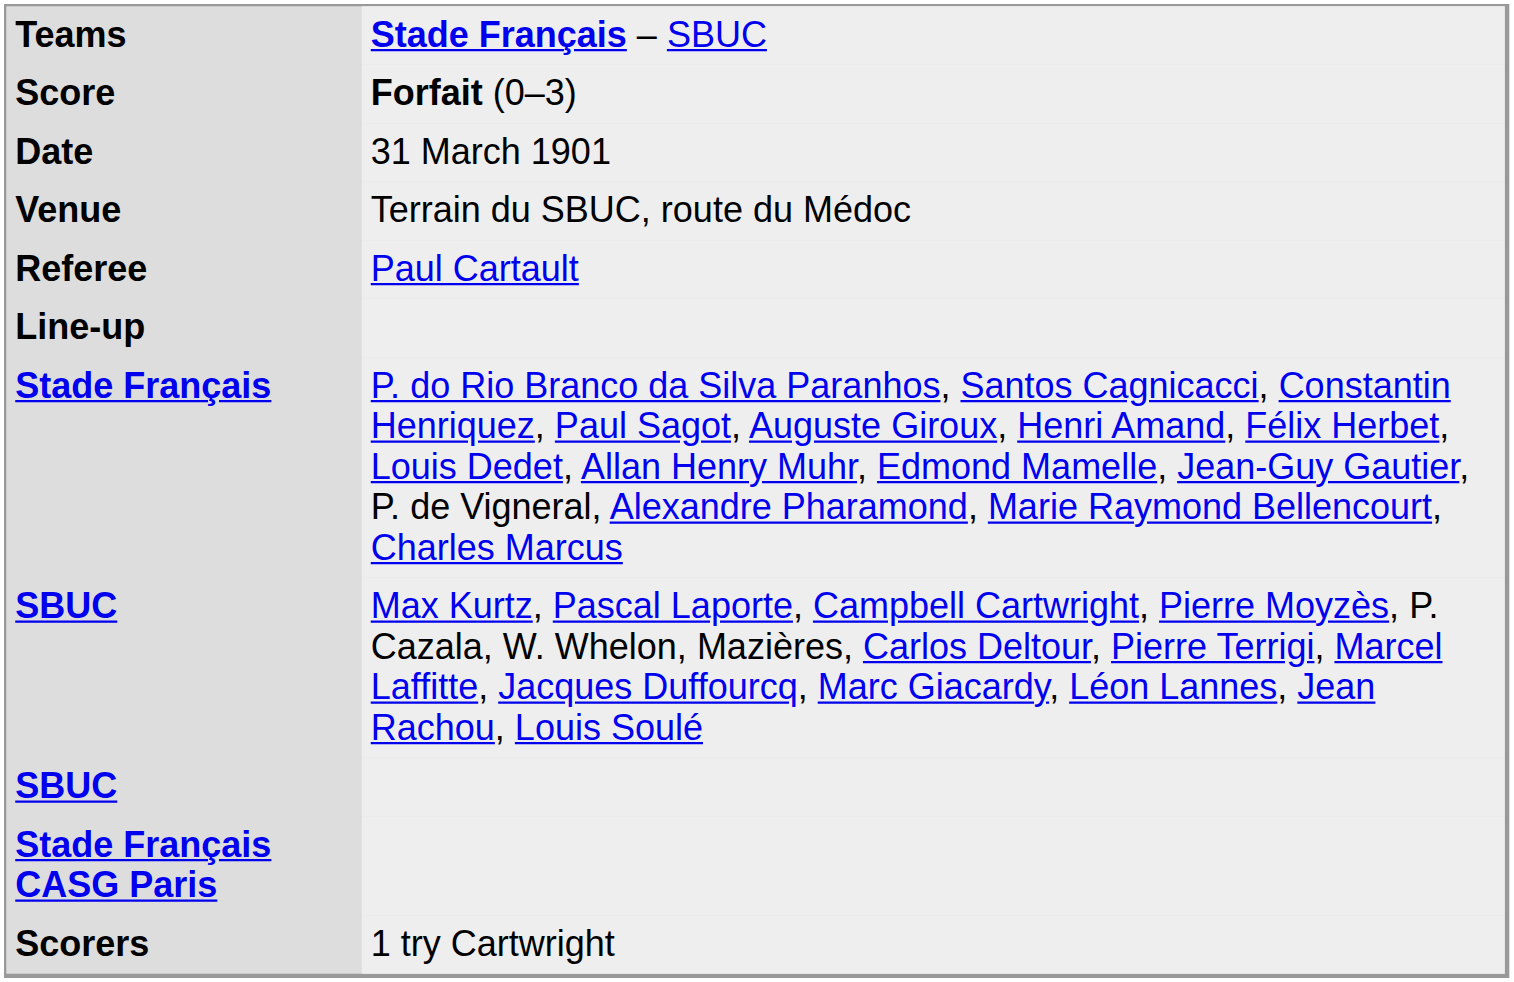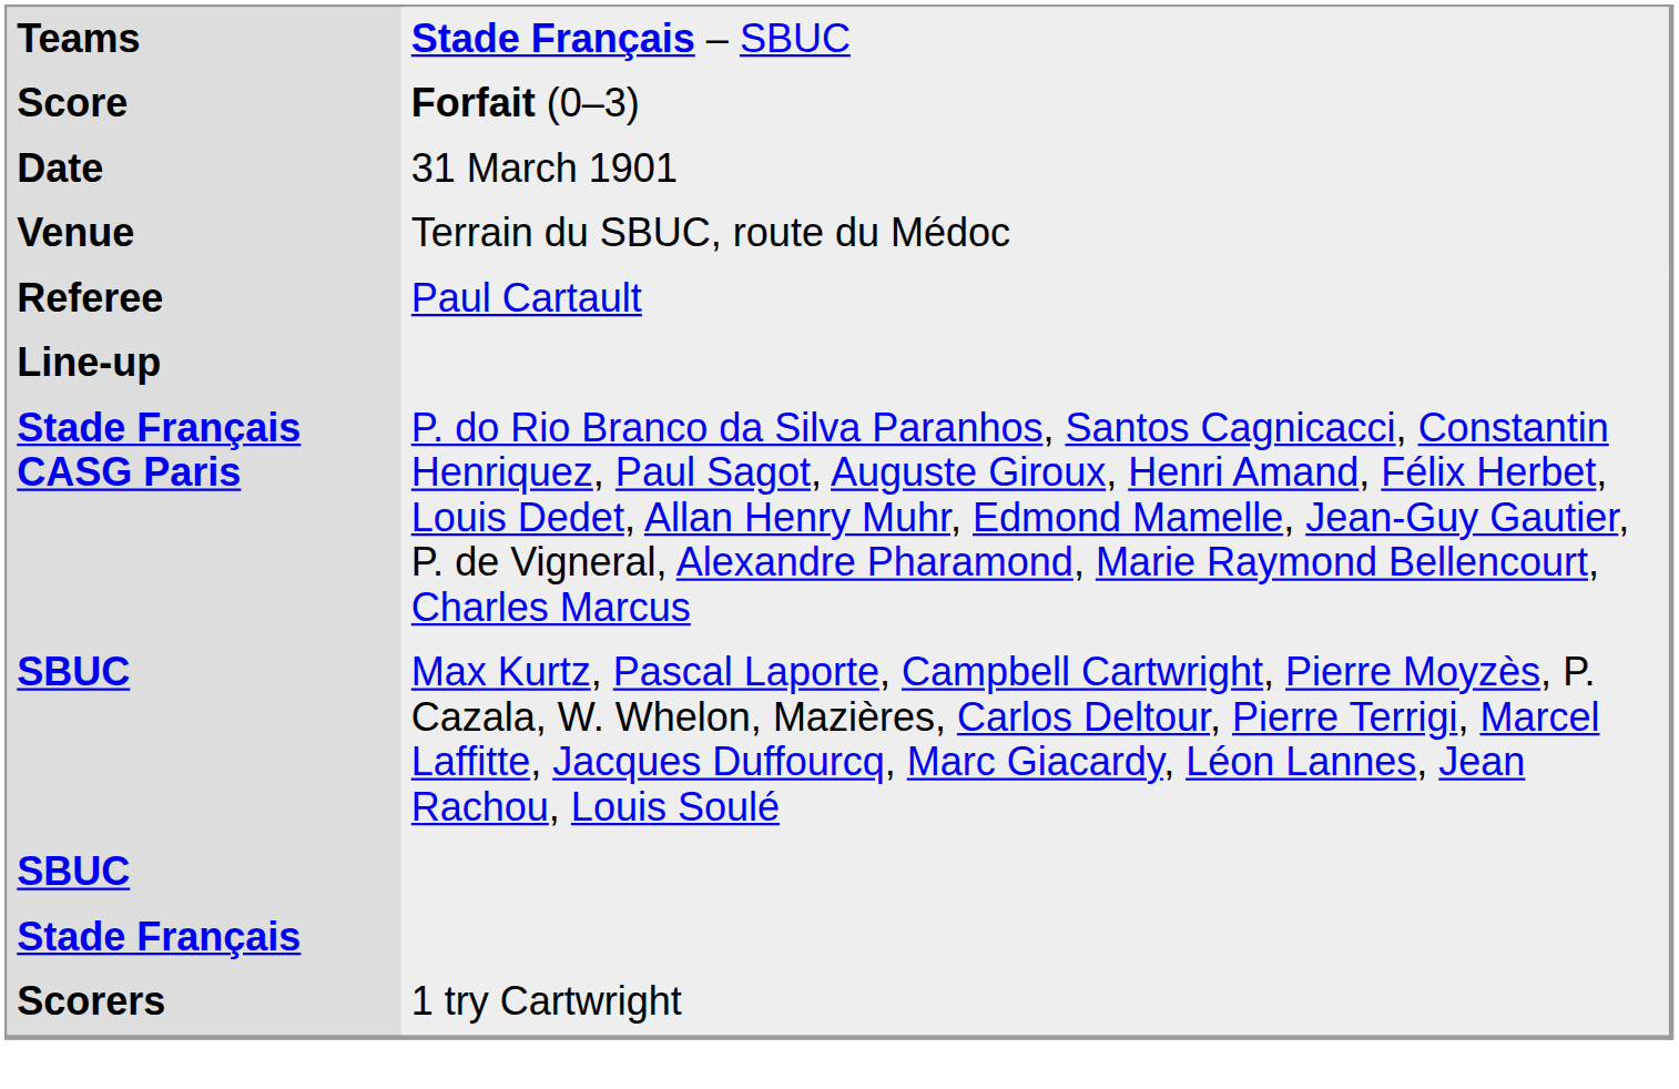 <table align="left" cellpadding="4" cellspacing="0"  style="margin: 0 0 0 0; border: 1px solid #999; border-right-width: 2px; border-bottom-width: 2px; background-color: #DDDDDD">
 <tr>
 <td width="150" valign="top"><strong>Teams</strong></td>
 <td width="500" bgcolor=#EEEEEE><strong><a href='#'>Stade Français</a></strong> – <a href='#'>SBUC</a></td>
 </tr>
 <tr>
 <td valign="top"><strong>Score</strong></td>
 <td bgcolor=#EEEEEE><strong>Forfait</strong> (0–3)</td>
 </tr>
 <tr>
 <td valign="top"><strong>Date</strong></td>
 <td bgcolor=#EEEEEE>31 March 1901</td>
 </tr>
 <tr>
 <td valign="top"><strong>Venue</strong></td>
 <td bgcolor=#EEEEEE>Terrain du SBUC, route du Médoc</td>
 </tr>
 <tr>
 <td valign="top"><strong>Referee</strong></td>
 <td bgcolor=#EEEEEE><a href='#'>Paul Cartault</a></td>
 </tr>
 <tr>
 <td valign="top"><strong>Line-up</strong></td>
 <td bgcolor=#EEEEEE></td>
 </tr>
 <tr>
-<td valign="top"><strong><a href='#'>Stade Français</a> </strong></td>
+<td valign="top"><strong><a href='#'>Stade Français CASG Paris</a> </strong></td>
 <td bgcolor=#EEEEEE><a href='#'>P. do Rio Branco da Silva Paranhos</a>, <a href='#'>Santos Cagnicacci</a>, <a href='#'>Constantin Henriquez</a>, <a href='#'>Paul Sagot</a>, <a href='#'>Auguste Giroux</a>, <a href='#'>Henri Amand</a>, <a href='#'>Félix Herbet</a>, <a href='#'>Louis Dedet</a>, <a href='#'>Allan Henry Muhr</a>, <a href='#'>Edmond Mamelle</a>, <a href='#'>Jean-Guy Gautier</a>, P. de Vigneral, <a href='#'>Alexandre Pharamond</a>, <a href='#'>Marie Raymond Bellencourt</a>, <a href='#'>Charles Marcus</a></td>
 </tr>
 <tr>
 <td valign="top"><strong><a href='#'>SBUC</a> </strong></td>
 <td bgcolor=#EEEEEE><a href='#'>Max Kurtz</a>, <a href='#'>Pascal Laporte</a>, <a href='#'>Campbell Cartwright</a>, <a href='#'>Pierre Moyzès</a>, P. Cazala, W. Whelon, Mazières, <a href='#'>Carlos Deltour</a>, <a href='#'>Pierre Terrigi</a>, <a href='#'>Marcel Laffitte</a>, <a href='#'>Jacques Duffourcq</a>, <a href='#'>Marc Giacardy</a>, <a href='#'>Léon Lannes</a>, <a href='#'>Jean Rachou</a>, <a href='#'>Louis Soulé</a></td>
 </tr>
 <tr>
 <td valign="top"><strong><a href='#'>SBUC</a></strong></td>
 <td bgcolor=#EEEEEE></td>
 </tr>
 <tr>
-<td valign="top"><strong><a href='#'>Stade Français CASG Paris</a> </strong></td>
+<td valign="top"><strong><a href='#'>Stade Français</a> </strong></td>
 <td bgcolor=#EEEEEE></td>
 </tr>
 <tr>
 <td valign="top"><strong>Scorers</strong></td>
 <td bgcolor=#EEEEEE>1 try Cartwright</td>
 </tr>
 </table>
